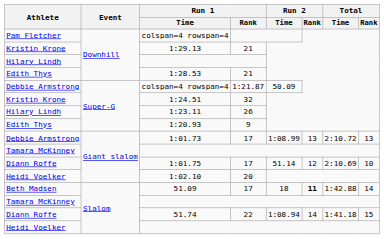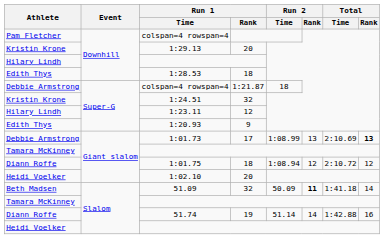 <table class=wikitable style=font-size:90%;text-align:center>
 <tr>
 <th rowspan=2>Athlete</th>
 <th rowspan=2>Event</th>
 <th colspan=2>Run 1</th>
 <th colspan=2>Run 2</th>
 <th colspan=2>Total</th>
 </tr>
 <tr style=font-size:95%>
 <th>Time</th>
 <th>Rank</th>
 <th>Time</th>
 <th>Rank</th>
 <th>Time</th>
 <th>Rank</th>
 </tr>
 <tr>
 <td align=left><a href='#'>Pam Fletcher</a></td>
 <td align=left rowspan=4><a href='#'>Downhill</a></td>
 <td>colspan=4 rowspan=4 </td>
 <td colspan=2></td>
 </tr>
 <tr>
 <td align=left><a href='#'>Kristin Krone</a></td>
 <td>1:29.13</td>
-<td>21</td>
+<td>20</td>
 </tr>
 <tr>
 <td align=left><a href='#'>Hilary Lindh</a></td>
 <td colspan=2></td>
 </tr>
 <tr>
 <td align=left><a href='#'>Edith Thys</a></td>
 <td>1:28.53</td>
-<td>21</td>
+<td>18</td>
 </tr>
 <tr>
 <td align=left><a href='#'>Debbie Armstrong</a></td>
 <td align=left rowspan=4><a href='#'>Super-G</a></td>
 <td>colspan=4 rowspan=4 </td>
 <td>1:21.87</td>
-<td>50.09</td>
+<td>18</td>
 </tr>
 <tr>
 <td align=left><a href='#'>Kristin Krone</a></td>
 <td>1:24.51</td>
 <td>32</td>
 </tr>
 <tr>
 <td align=left><a href='#'>Hilary Lindh</a></td>
 <td>1:23.11</td>
-<td>26</td>
+<td>12</td>
 </tr>
 <tr>
 <td align=left><a href='#'>Edith Thys</a></td>
 <td>1:20.93</td>
 <td>9</td>
 </tr>
 <tr>
 <td align=left><a href='#'>Debbie Armstrong</a></td>
 <td align=left rowspan=4><a href='#'>Giant slalom</a></td>
 <td>1:01.73</td>
 <td>17</td>
 <td>1:08.99</td>
 <td>13</td>
-<td>2:10.72</td>
-<td>13</td>
+<td>2:10.69</td>
+<td><strong>13</strong></td>
 </tr>
 <tr>
 <td align=left><a href='#'>Tamara McKinney</a></td>
 <td colspan=6></td>
 </tr>
 <tr>
 <td align=left><a href='#'>Diann Roffe</a></td>
 <td>1:01.75</td>
-<td>17</td>
-<td>51.14</td>
+<td>18</td>
+<td>1:08.94</td>
 <td>12</td>
-<td>2:10.69</td>
-<td>10</td>
+<td>2:10.72</td>
+<td>12</td>
 </tr>
 <tr>
 <td align=left><a href='#'>Heidi Voelker</a></td>
 <td>1:02.10</td>
 <td>20</td>
 <td colspan=4></td>
 </tr>
 <tr>
 <td align=left><a href='#'>Beth Madsen</a></td>
 <td align=left rowspan=4><a href='#'>Slalom</a></td>
 <td>51.09</td>
-<td>17</td>
-<td>18</td>
+<td>32</td>
+<td>50.09</td>
 <td><strong>11</strong></td>
-<td>1:42.88</td>
+<td>1:41.18</td>
 <td>14</td>
 </tr>
 <tr>
 <td align=left><a href='#'>Tamara McKinney</a></td>
 <td colspan=6></td>
 </tr>
 <tr>
 <td align=left><a href='#'>Diann Roffe</a></td>
 <td>51.74</td>
-<td>22</td>
-<td>1:08.94</td>
+<td>19</td>
+<td>51.14</td>
 <td>14</td>
-<td>1:41.18</td>
-<td>15</td>
+<td>1:42.88</td>
+<td>16</td>
 </tr>
 <tr>
 <td align=left><a href='#'>Heidi Voelker</a></td>
 <td colspan=6></td>
 </tr>
 </table>
